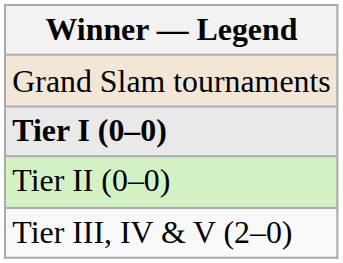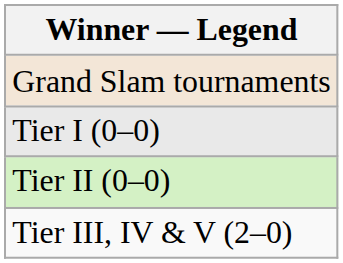 <table class="wikitable sortable mw-collapsible mw-collapsed">
 <tr>
 <th>Winner — Legend</th>
 </tr>
 <tr>
 <td bgcolor=#f3e6d7>Grand Slam tournaments</td>
 </tr>
 <tr>
-<td bgcolor=#e9e9e9><strong>Tier I (0–0)</strong></td>
+<td bgcolor=#e9e9e9>Tier I (0–0)</td>
 </tr>
 <tr>
 <td bgcolor=#d4f1c5>Tier II (0–0)</td>
 </tr>
 <tr>
 <td>Tier III, IV & V (2–0)</td>
 </tr>
 </table>
